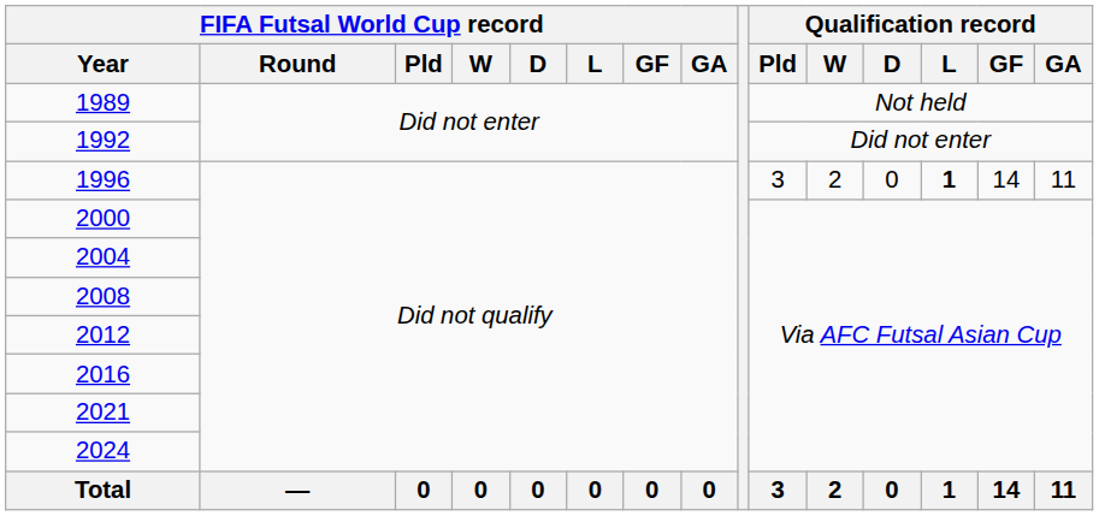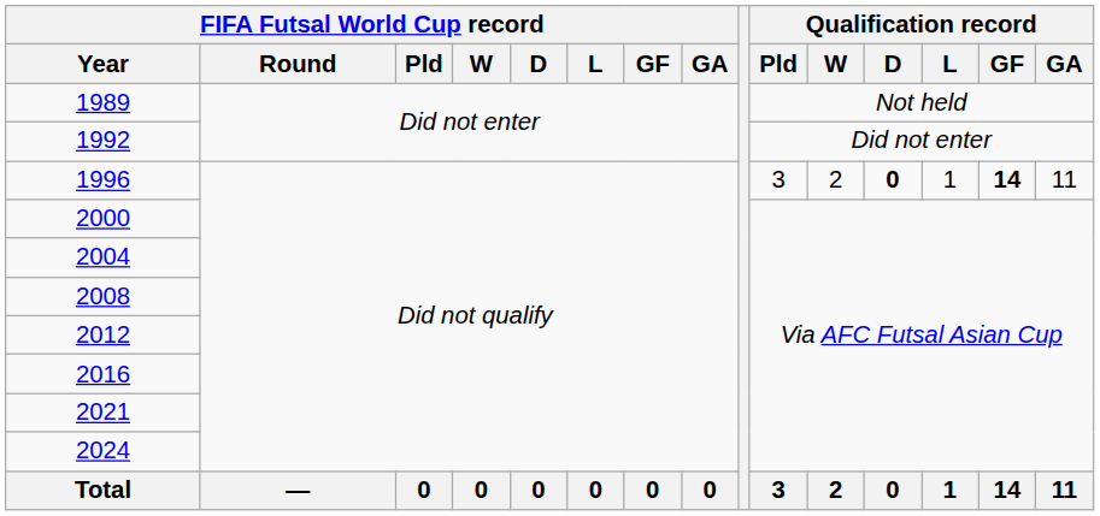 <table class="wikitable" style="text-align: center;">
 <tr>
 <th colspan="8"><a href='#'>FIFA Futsal World Cup</a> record</th>
 <th style="width:1" rowspan="13"></th>
 <th colspan=6>Qualification record</th>
 </tr>
 <tr>
 <th width=120>Year</th>
 <th width=120>Round</th>
 <th width=30>Pld</th>
 <th width=30>W</th>
 <th width=30>D</th>
 <th width=30>L</th>
 <th width=30>GF</th>
 <th width=30>GA</th>
 <th width="30">Pld</th>
 <th width="30">W</th>
 <th width="30">D</th>
 <th width="30">L</th>
 <th width="30">GF</th>
 <th width="30">GA</th>
 </tr>
 <tr bgcolor=>
 <td> <a href='#'>1989</a></td>
 <td colspan="7" rowspan="2"><em>Did not enter</em></td>
 <td colspan=6><em>Not held</em></td>
 </tr>
 <tr bgcolor=>
 <td> <a href='#'>1992</a></td>
 <td colspan=6><em>Did not enter</em></td>
 </tr>
 <tr bgcolor=>
 <td> <a href='#'>1996</a></td>
 <td colspan="8" rowspan="8"><em>Did not qualify</em></td>
 <td>3</td>
 <td>2</td>
-<td>0</td>
-<td><strong>1</strong></td>
-<td>14</td>
+<td><strong>0</strong></td>
+<td>1</td>
+<td><strong>14</strong></td>
 <td>11</td>
 </tr>
 <tr bgcolor=>
 <td> <a href='#'>2000</a></td>
 <td rowspan=7 colspan=6><em>Via <a href='#'>AFC Futsal Asian Cup</a></em></td>
 </tr>
 <tr bgcolor=>
 <td> <a href='#'>2004</a></td>
 </tr>
 <tr bgcolor=>
 <td> <a href='#'>2008</a></td>
 </tr>
 <tr bgcolor=>
 <td> <a href='#'>2012</a></td>
 </tr>
 <tr bgcolor=>
 <td> <a href='#'>2016</a></td>
 </tr>
 <tr bgcolor=>
 <td> <a href='#'>2021</a></td>
 </tr>
 <tr bgcolor=>
 <td> <a href='#'>2024</a></td>
 </tr>
 <tr>
 <th>Total</th>
 <th>—</th>
 <th>0</th>
 <th>0</th>
 <th>0</th>
 <th>0</th>
 <th>0</th>
 <th>0</th>
 <th>3</th>
 <th>2</th>
 <th>0</th>
 <th>1</th>
 <th>14</th>
 <th>11</th>
 </tr>
 </table>
